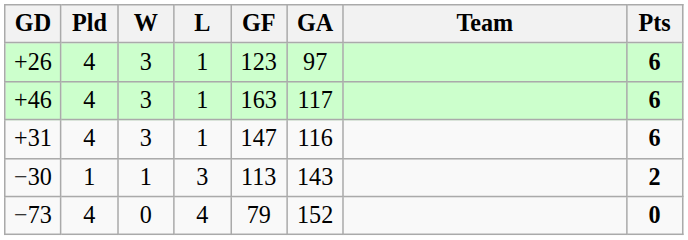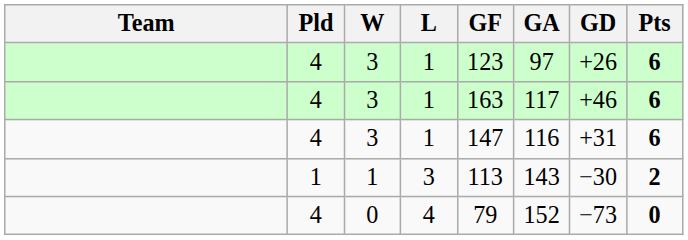 <table class="wikitable" style="text-align: center;">
 <tr>
-<th width="30">GD</th>
+<th width="180">Team</th>
 <th width="30">Pld</th>
 <th width="30">W</th>
 <th width="30">L</th>
 <th width="30">GF</th>
 <th width="30">GA</th>
-<th width="180">Team</th>
+<th width="30">GD</th>
 <th width="30">Pts</th>
 </tr>
 <tr bgcolor=ccffcc>
-<td>+26</td>
+<td align=left></td>
 <td>4</td>
 <td>3</td>
 <td>1</td>
 <td>123</td>
 <td>97</td>
-<td align=left></td>
+<td>+26</td>
 <td><strong>6</strong></td>
 </tr>
 <tr bgcolor=ccffcc>
-<td>+46</td>
+<td align=left></td>
 <td>4</td>
 <td>3</td>
 <td>1</td>
 <td>163</td>
 <td>117</td>
-<td align=left></td>
+<td>+46</td>
 <td><strong>6</strong></td>
 </tr>
 <tr>
-<td>+31</td>
+<td align=left></td>
 <td>4</td>
 <td>3</td>
 <td>1</td>
 <td>147</td>
 <td>116</td>
-<td align=left></td>
+<td>+31</td>
 <td><strong>6</strong></td>
 </tr>
 <tr>
-<td>−30</td>
+<td align=left></td>
 <td>1</td>
 <td>1</td>
 <td>3</td>
 <td>113</td>
 <td>143</td>
-<td align=left></td>
+<td>−30</td>
 <td><strong>2</strong></td>
 </tr>
 <tr>
-<td>−73</td>
+<td align=left></td>
 <td>4</td>
 <td>0</td>
 <td>4</td>
 <td>79</td>
 <td>152</td>
-<td align=left></td>
+<td>−73</td>
 <td><strong>0</strong></td>
 </tr>
 </table>
